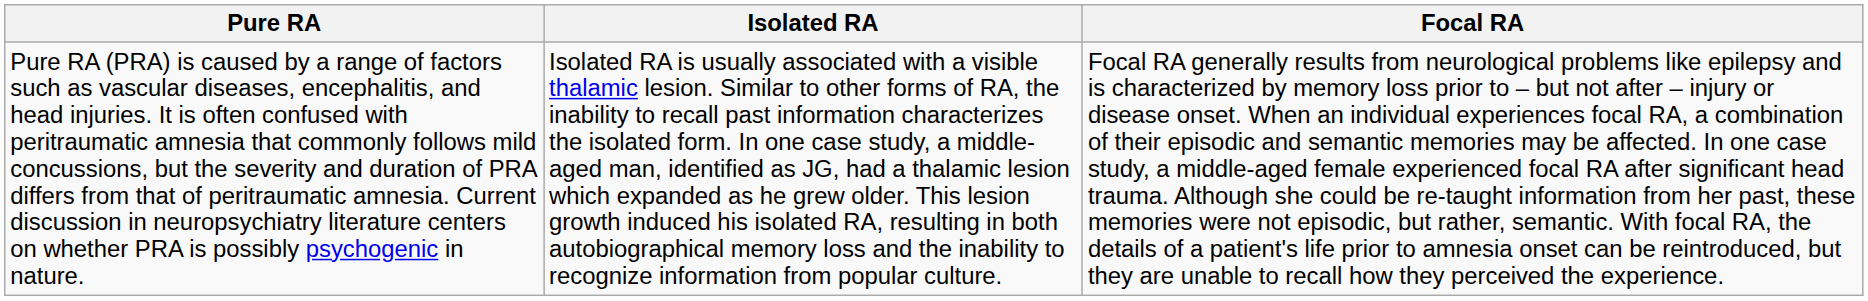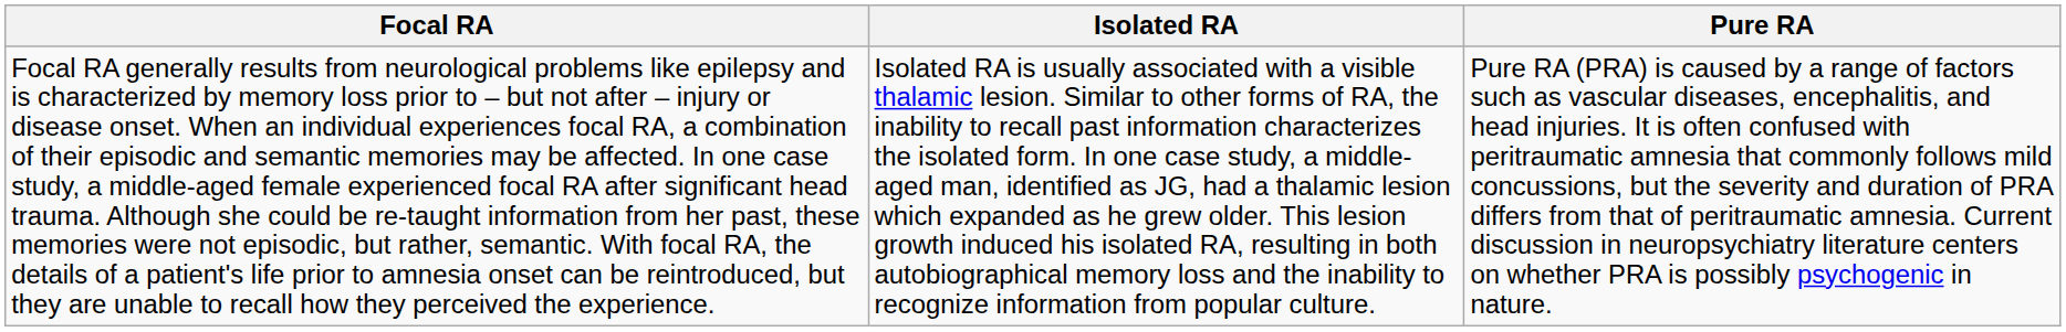 <table class="wikitable">
 <tr>
+<th width=42%>Focal RA</th>
+<th width=29%>Isolated RA</th>
 <th width=29%>Pure RA</th>
-<th width=29%>Isolated RA</th>
-<th width=42%>Focal RA</th>
 </tr>
 <tr>
+<td>Focal RA generally results from neurological problems like epilepsy and is characterized by memory loss prior to – but not after – injury or disease onset. When an individual experiences focal RA, a combination of their episodic and semantic memories may be affected. In one case study, a middle-aged female experienced focal RA after significant head trauma. Although she could be re-taught information from her past, these memories were not episodic, but rather, semantic. With focal RA, the details of a patient's life prior to amnesia onset can be reintroduced, but they are unable to recall how they perceived the experience.</td>
+<td>Isolated RA is usually associated with a visible <a href='#'>thalamic</a> lesion. Similar to other forms of RA, the inability to recall past information characterizes the isolated form. In one case study, a middle-aged man, identified as JG, had a thalamic lesion which expanded as he grew older. This lesion growth induced his isolated RA, resulting in both autobiographical memory loss and the inability to recognize information from popular culture.</td>
 <td>Pure RA (PRA) is caused by a range of factors such as vascular diseases, encephalitis, and head injuries. It is often confused with peritraumatic amnesia that commonly follows mild concussions, but the severity and duration of PRA differs from that of peritraumatic amnesia. Current discussion in neuropsychiatry literature centers on whether PRA is possibly <a href='#'>psychogenic</a> in nature.</td>
-<td>Isolated RA is usually associated with a visible <a href='#'>thalamic</a> lesion. Similar to other forms of RA, the inability to recall past information characterizes the isolated form. In one case study, a middle-aged man, identified as JG, had a thalamic lesion which expanded as he grew older. This lesion growth induced his isolated RA, resulting in both autobiographical memory loss and the inability to recognize information from popular culture.</td>
-<td>Focal RA generally results from neurological problems like epilepsy and is characterized by memory loss prior to – but not after – injury or disease onset. When an individual experiences focal RA, a combination of their episodic and semantic memories may be affected. In one case study, a middle-aged female experienced focal RA after significant head trauma. Although she could be re-taught information from her past, these memories were not episodic, but rather, semantic. With focal RA, the details of a patient's life prior to amnesia onset can be reintroduced, but they are unable to recall how they perceived the experience.</td>
 </tr>
 </table>
